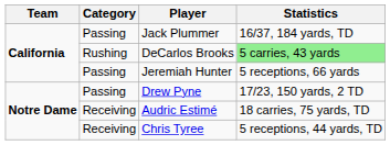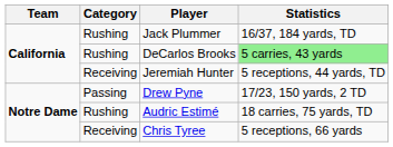 <table class="wikitable" style="float: right;">
 <tr>
 <th>Team</th>
 <th>Category</th>
 <th>Player</th>
 <th>Statistics</th>
 </tr>
 <tr>
 <td rowspan=3><strong>California</strong></td>
-<td>Passing</td>
+<td>Rushing</td>
 <td>Jack Plummer</td>
 <td>16/37, 184 yards, TD</td>
 </tr>
 <tr>
 <td>Rushing</td>
 <td>DeCarlos Brooks</td>
 <td style="background: lightgreen;">5 carries, 43 yards</td>
 </tr>
 <tr>
-<td>Passing</td>
+<td>Receiving</td>
 <td>Jeremiah Hunter</td>
-<td>5 receptions, 66 yards</td>
+<td>5 receptions, 44 yards, TD</td>
 </tr>
 <tr>
 <td rowspan=3><strong>Notre Dame</strong></td>
 <td>Passing</td>
 <td><a href='#'>Drew Pyne</a></td>
 <td>17/23, 150 yards, 2 TD</td>
 </tr>
 <tr>
-<td>Receiving</td>
+<td>Rushing</td>
 <td><a href='#'>Audric Estimé</a></td>
 <td>18 carries, 75 yards, TD</td>
 </tr>
 <tr>
 <td>Receiving</td>
 <td><a href='#'>Chris Tyree</a></td>
-<td>5 receptions, 44 yards, TD</td>
+<td>5 receptions, 66 yards</td>
 </tr>
 </table>
